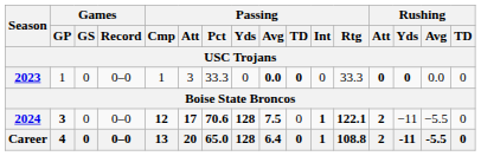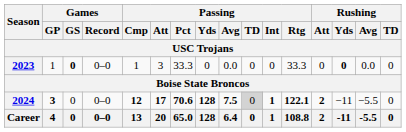 <table class="wikitable" style="text-align:center;">
 <tr>
 <th rowspan="2">Season</th>
 <th colspan="3">Games</th>
 <th colspan="8">Passing</th>
 <th colspan="5">Rushing</th>
 </tr>
 <tr>
 <th>GP</th>
 <th>GS</th>
 <th>Record</th>
 <th>Cmp</th>
 <th>Att</th>
 <th>Pct</th>
 <th>Yds</th>
 <th>Avg</th>
 <th>TD</th>
 <th>Int</th>
 <th>Rtg</th>
 <th>Att</th>
 <th>Yds</th>
 <th>Avg</th>
 <th>TD</th>
 </tr>
 <tr>
 <th colspan="16">USC Trojans</th>
 </tr>
 <tr>
 <th><a href='#'>2023</a></th>
 <td>1</td>
-<td>0</td>
+<td><strong>0</strong></td>
 <td>0–0</td>
 <td>1</td>
 <td>3</td>
 <td>33.3</td>
 <td>0</td>
-<td><strong>0.0</strong></td>
-<td><strong>0</strong></td>
+<td>0.0</td>
+<td>0</td>
 <td>0</td>
 <td>33.3</td>
-<td><strong>0</strong></td>
+<td>0</td>
 <td><strong>0</strong></td>
 <td>0.0</td>
 <td>0</td>
 </tr>
 <tr>
 <th colspan="16">Boise State Broncos</th>
 </tr>
 <tr>
 <th><a href='#'>2024</a></th>
 <td><strong>3</strong></td>
 <td>0</td>
 <td>0–0</td>
 <td><strong>12</strong></td>
 <td><strong>17</strong></td>
 <td><strong>70.6</strong></td>
 <td><strong>128</strong></td>
 <td><strong>7.5</strong></td>
-<td>0</td>
+<td style="background: lightgrey;">0</td>
 <td><strong>1</strong></td>
 <td><strong>122.1</strong></td>
 <td><strong>2</strong></td>
 <td>−11</td>
 <td>−5.5</td>
 <td>0</td>
 </tr>
 <tr>
 <th>Career</th>
 <th>4</th>
 <th>0</th>
 <th>0–0</th>
 <th>13</th>
 <th>20</th>
 <th>65.0</th>
 <th>128</th>
 <th>6.4</th>
 <th>0</th>
 <th>1</th>
 <th>108.8</th>
 <th>2</th>
 <th>-11</th>
 <th>-5.5</th>
 <th>0</th>
 </tr>
 </table>
